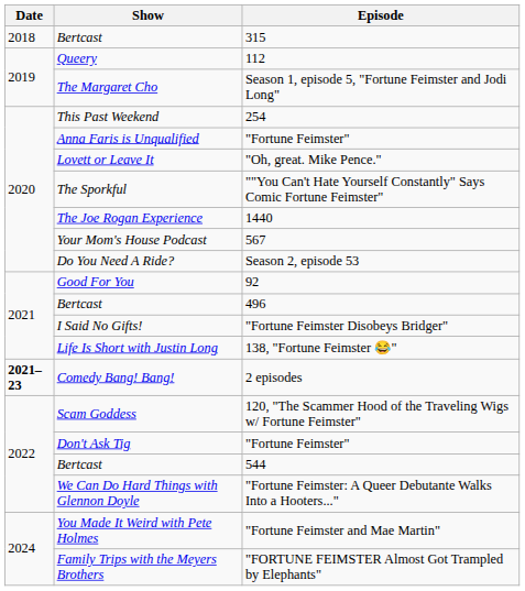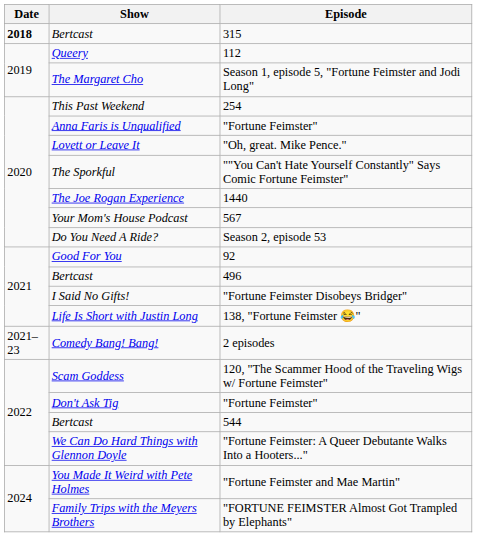 <table class="wikitable sortable">
 <tr>
 <th>Date</th>
 <th>Show</th>
 <th>Episode</th>
 </tr>
 <tr>
-<td>2018</td>
+<td><strong>2018</strong></td>
 <td><em>Bertcast</em></td>
 <td>315</td>
 </tr>
 <tr>
 <td rowspan="2">2019</td>
 <td><em><a href='#'>Queery</a></em></td>
 <td>112</td>
 </tr>
 <tr>
 <td><em><a href='#'>The Margaret Cho</a></em></td>
 <td>Season 1, episode 5, "Fortune Feimster and Jodi Long"</td>
 </tr>
 <tr>
 <td rowspan="7">2020</td>
 <td><em>This Past Weekend</em></td>
 <td>254</td>
 </tr>
 <tr>
 <td><em><a href='#'>Anna Faris is Unqualified</a></em></td>
 <td>"Fortune Feimster"</td>
 </tr>
 <tr>
 <td><em><a href='#'>Lovett or Leave It</a></em></td>
 <td>"Oh, great. Mike Pence."</td>
 </tr>
 <tr>
 <td><em>The Sporkful</em></td>
 <td>""You Can't Hate Yourself Constantly" Says Comic Fortune Feimster"</td>
 </tr>
 <tr>
 <td><em><a href='#'>The Joe Rogan Experience</a></em></td>
 <td>1440</td>
 </tr>
 <tr>
 <td><em>Your Mom's House Podcast</em></td>
 <td>567</td>
 </tr>
 <tr>
 <td><em>Do You Need A Ride?</em></td>
 <td>Season 2, episode 53</td>
 </tr>
 <tr>
 <td rowspan="4">2021</td>
 <td><em><a href='#'>Good For You</a></em></td>
 <td>92</td>
 </tr>
 <tr>
 <td><em>Bertcast</em></td>
 <td>496</td>
 </tr>
 <tr>
 <td><em>I Said No Gifts!</em></td>
 <td>"Fortune Feimster Disobeys Bridger"</td>
 </tr>
 <tr>
 <td><em><a href='#'>Life Is Short with Justin Long</a></em></td>
 <td>138, "Fortune Feimster 😂"</td>
 </tr>
 <tr>
-<td><strong>2021–23</strong></td>
+<td>2021–23</td>
 <td><em><a href='#'>Comedy Bang! Bang!</a></em></td>
 <td>2 episodes</td>
 </tr>
 <tr>
 <td rowspan="4">2022</td>
 <td><em><a href='#'>Scam Goddess</a></em></td>
 <td>120, "The Scammer Hood of the Traveling Wigs w/ Fortune Feimster"</td>
 </tr>
 <tr>
 <td><em><a href='#'>Don't Ask Tig</a></em></td>
 <td>"Fortune Feimster"</td>
 </tr>
 <tr>
 <td><em>Bertcast</em></td>
 <td>544</td>
 </tr>
 <tr>
 <td><em><a href='#'>We Can Do Hard Things with Glennon Doyle</a></em></td>
 <td>"Fortune Feimster: A Queer Debutante Walks Into a Hooters..."</td>
 </tr>
 <tr>
 <td rowspan="2">2024</td>
 <td><em><a href='#'>You Made It Weird with Pete Holmes</a></em></td>
 <td>"Fortune Feimster and Mae Martin"</td>
 </tr>
 <tr>
 <td><em><a href='#'>Family Trips with the Meyers Brothers</a></em></td>
 <td>"FORTUNE FEIMSTER Almost Got Trampled by Elephants"</td>
 </tr>
 </table>
